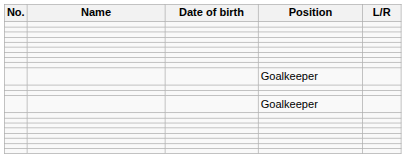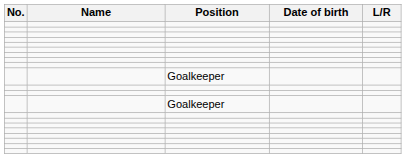 <table class="wikitable sortable" style=font-size:100%; text-align:center;>
 <tr>
 <th>No.</th>
 <th style=width:12em>Name</th>
+<th style=width:9em>Position</th>
 <th style=width:8em>Date of birth</th>
-<th style=width:9em>Position</th>
 <th style=width:3em>L/R</th>
 </tr>
 <tr>
 <td></td>
 <td align=left></td>
+<td></td>
 <td align=right></td>
-<td></td>
 <td></td>
 </tr>
 <tr>
 <td></td>
 <td align=left></td>
+<td></td>
 <td align=right></td>
-<td></td>
 <td></td>
 </tr>
 <tr>
 <td></td>
 <td align=left></td>
+<td></td>
 <td align=right></td>
-<td></td>
 <td></td>
 </tr>
 <tr>
 <td></td>
 <td align=left></td>
+<td></td>
 <td align=right></td>
-<td></td>
 <td></td>
 </tr>
 <tr>
 <td></td>
 <td align=left></td>
+<td></td>
 <td align=right></td>
-<td></td>
 <td></td>
 </tr>
 <tr>
 <td></td>
 <td align=left></td>
+<td></td>
 <td align=right></td>
-<td></td>
 <td></td>
 </tr>
 <tr>
 <td></td>
 <td align=left></td>
+<td></td>
 <td align=right></td>
-<td></td>
 <td></td>
 </tr>
 <tr>
 <td></td>
 <td align=left></td>
+<td></td>
 <td align=right></td>
-<td></td>
 <td></td>
 </tr>
 <tr>
 <td></td>
 <td align=left></td>
+<td></td>
 <td align=right></td>
-<td></td>
 <td></td>
 </tr>
 <tr>
 <td></td>
 <td align=left></td>
+<td>Goalkeeper</td>
 <td align=right></td>
-<td>Goalkeeper</td>
 <td></td>
 </tr>
 <tr>
 <td></td>
 <td align=left></td>
+<td></td>
 <td align=right></td>
-<td></td>
 <td></td>
 </tr>
 <tr>
 <td></td>
 <td align=left></td>
+<td></td>
 <td align=right></td>
-<td></td>
 <td></td>
 </tr>
 <tr>
 <td></td>
 <td align=left></td>
+<td>Goalkeeper</td>
 <td align=right></td>
-<td>Goalkeeper</td>
 <td></td>
 </tr>
 <tr>
 <td></td>
 <td align=left></td>
+<td></td>
 <td align=right></td>
-<td></td>
 <td></td>
 </tr>
 <tr>
 <td></td>
 <td align=left></td>
+<td></td>
 <td align=right></td>
-<td></td>
 <td></td>
 </tr>
 <tr>
 <td></td>
 <td align=left></td>
+<td></td>
 <td align=right></td>
-<td></td>
 <td></td>
 </tr>
 <tr>
 <td></td>
 <td align=left></td>
+<td></td>
 <td align=right></td>
-<td></td>
 <td></td>
 </tr>
 <tr>
 <td></td>
 <td align=left></td>
+<td></td>
 <td align=right></td>
-<td></td>
 <td></td>
 </tr>
 <tr>
 <td></td>
 <td align=left></td>
+<td></td>
 <td align=right></td>
-<td></td>
 <td></td>
 </tr>
 <tr>
 <td></td>
 <td align=left></td>
+<td></td>
 <td align=right></td>
-<td></td>
 <td></td>
 </tr>
 <tr>
 <td></td>
 <td align=left></td>
+<td></td>
 <td align=right></td>
-<td></td>
 <td></td>
 </tr>
 </table>
